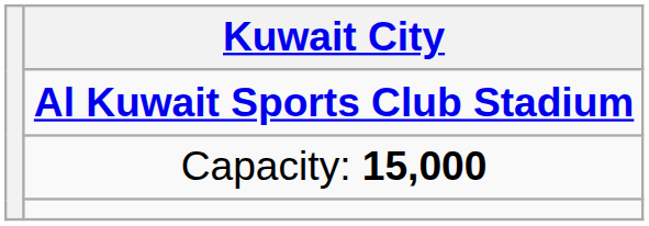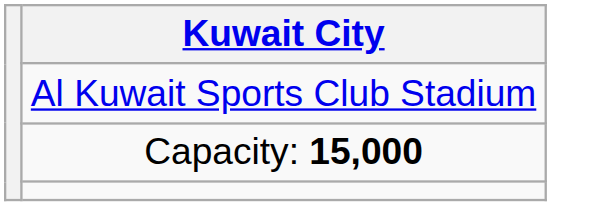 <table class="wikitable" style="text-align:center">
 <tr>
 <th rowspan="4"></th>
 <th><a href='#'>Kuwait City</a></th>
 </tr>
 <tr>
-<td><strong><a href='#'>Al Kuwait Sports Club Stadium</a></strong></td>
+<td><a href='#'>Al Kuwait Sports Club Stadium</a></td>
 </tr>
 <tr>
 <td>Capacity: <strong>15,000</strong></td>
 </tr>
 <tr>
 <td></td>
 </tr>
 </table>
